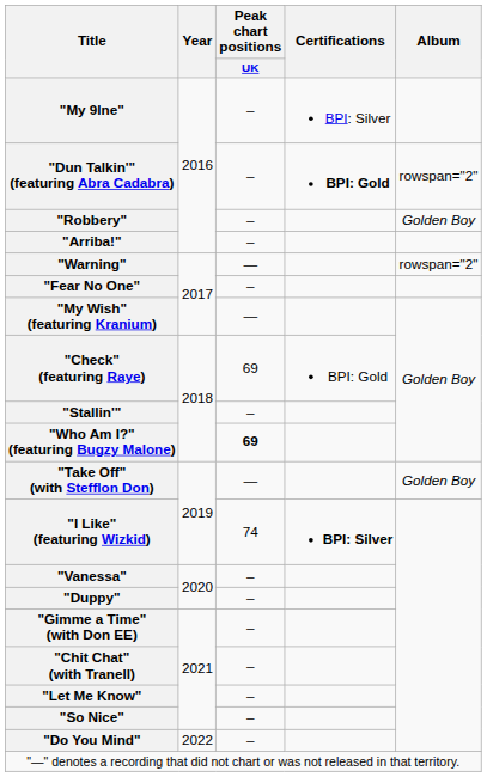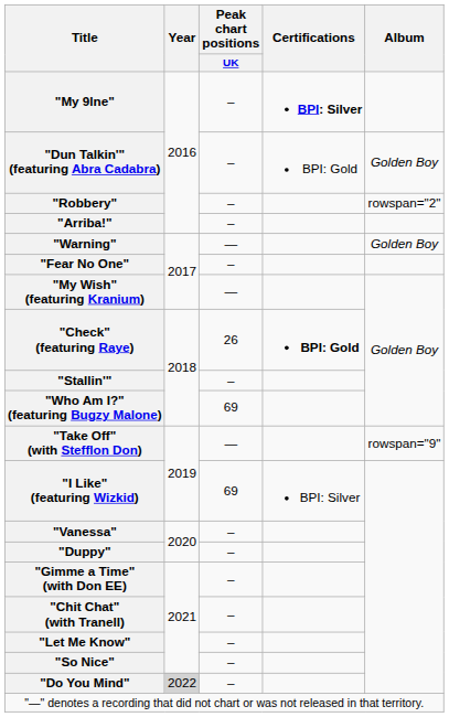 <table class="wikitable plainrowheaders" style="text-align:center;">
 <tr>
 <th scope="col" rowspan="2">Title</th>
 <th scope="col" rowspan="2">Year</th>
 <th scope="col" colspan="1">Peak chart positions</th>
 <th scope="col" rowspan="2">Certifications</th>
 <th scope="col" rowspan="2">Album</th>
 </tr>
 <tr>
 <th scope="col" style="width:3em;font-size:85%;"><a href='#'>UK</a><br></th>
 </tr>
 <tr>
 <th scope="row">"My 9lne"</th>
 <td rowspan="4">2016</td>
 <td>–</td>
-<td><br><ul><li><a href='#'>BPI</a>: Silver</li></ul></td>
+<td><strong><br><ul><li><a href='#'>BPI</a>: Silver</li></ul></strong></td>
 <td></td>
 </tr>
 <tr>
 <th scope="row">"Dun Talkin'"<br><span>(featuring <a href='#'>Abra Cadabra</a>)</span></th>
 <td>–</td>
-<td><strong><br><ul><li>BPI: Gold</li></ul></strong></td>
-<td>rowspan="2" </td>
+<td><br><ul><li>BPI: Gold</li></ul></td>
+<td><em>Golden Boy</em></td>
 </tr>
 <tr>
 <th scope="row">"Robbery"</th>
 <td>–</td>
 <td></td>
-<td><em>Golden Boy</em></td>
+<td>rowspan="2" </td>
 </tr>
 <tr>
 <th scope="row">"Arriba!"</th>
 <td>–</td>
 <td></td>
 </tr>
 <tr>
 <th scope="row">"Warning"</th>
 <td rowspan="3">2017</td>
 <td>—</td>
 <td></td>
-<td>rowspan="2" </td>
+<td><em>Golden Boy</em></td>
 </tr>
 <tr>
 <th scope="row">"Fear No One"</th>
 <td>–</td>
 <td></td>
 <td></td>
 </tr>
 <tr>
 <th scope="row">"My Wish"<br><span>(featuring <a href='#'>Kranium</a>)</span></th>
 <td>—</td>
 <td></td>
 <td rowspan="4"><em>Golden Boy</em></td>
 </tr>
 <tr>
 <th scope="row">"Check"<br><span>(featuring <a href='#'>Raye</a>)</span></th>
 <td rowspan="3">2018</td>
-<td>69</td>
-<td><br><ul><li>BPI: Gold</li></ul></td>
+<td>26</td>
+<td><strong><br><ul><li>BPI: Gold</li></ul></strong></td>
 </tr>
 <tr>
 <th scope="row">"Stallin'"</th>
 <td>–</td>
 <td></td>
 </tr>
 <tr>
 <th scope="row">"Who Am I?"<br><span>(featuring <a href='#'>Bugzy Malone</a>)</span></th>
-<td><strong>69</strong></td>
+<td>69</td>
 <td></td>
 </tr>
 <tr>
 <th scope="row">"Take Off"<br><span>(with <a href='#'>Stefflon Don</a>)</span></th>
 <td rowspan="2">2019</td>
 <td>—</td>
 <td></td>
-<td><em>Golden Boy</em></td>
+<td>rowspan="9" </td>
 </tr>
 <tr>
 <th scope="row">"I Like"<br><span>(featuring <a href='#'>Wizkid</a>)</span></th>
-<td>74</td>
-<td><strong><br><ul><li>BPI: Silver</li></ul></strong></td>
+<td>69</td>
+<td><br><ul><li>BPI: Silver</li></ul></td>
 </tr>
 <tr>
 <th scope="row">"Vanessa"</th>
 <td rowspan="2">2020</td>
 <td>–</td>
 <td></td>
 </tr>
 <tr>
 <th scope="row">"Duppy"</th>
 <td>–</td>
 <td></td>
 </tr>
 <tr>
 <th scope="row">"Gimme a Time"<br><span>(with Don EE)</span></th>
 <td rowspan="4">2021</td>
 <td>–</td>
 <td></td>
 </tr>
 <tr>
 <th scope="row">"Chit Chat"<br><span>(with Tranell)</span></th>
 <td>–</td>
 <td></td>
 </tr>
 <tr>
 <th scope="row">"Let Me Know"</th>
 <td>–</td>
 <td></td>
 </tr>
 <tr>
 <th scope="row">"So Nice"</th>
 <td>–</td>
 <td></td>
 </tr>
 <tr>
 <th scope="row">"Do You Mind"</th>
-<td>2022</td>
+<td style="background: lightgrey;">2022</td>
 <td>–</td>
 <td></td>
 </tr>
 <tr>
 <td colspan="7" style="font-size:90%">"—" denotes a recording that did not chart or was not released in that territory.</td>
 </tr>
 </table>
